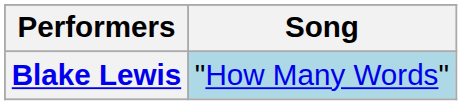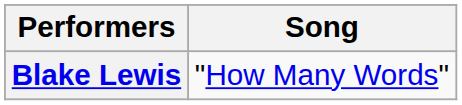 <table class="wikitable unsortable" style="text-align:center;">
 <tr>
 <th scope="col">Performers</th>
 <th scope="col">Song</th>
 </tr>
 <tr>
 <th scope="row"><a href='#'>Blake Lewis</a></th>
-<td style="background: lightblue;">"<a href='#'>How Many Words</a>"</td>
+<td>"<a href='#'>How Many Words</a>"</td>
 </tr>
 </table>
